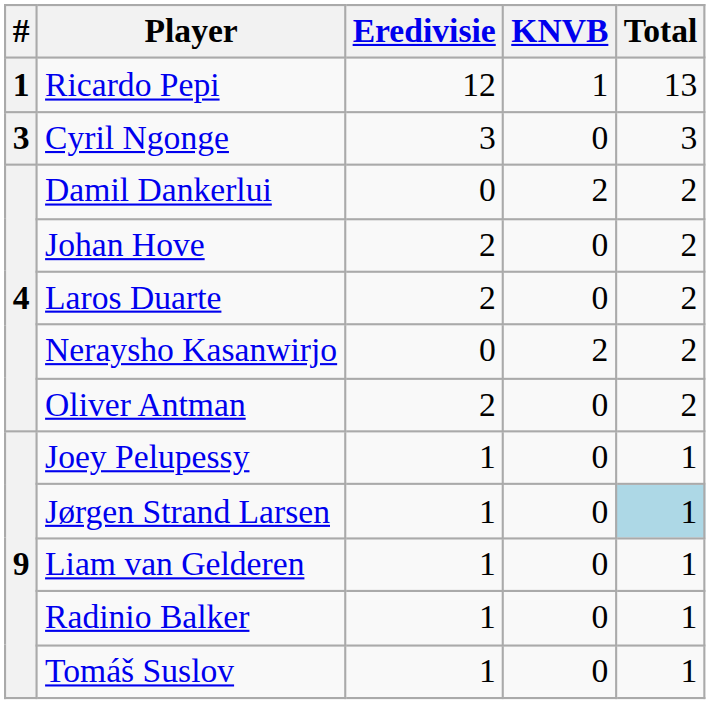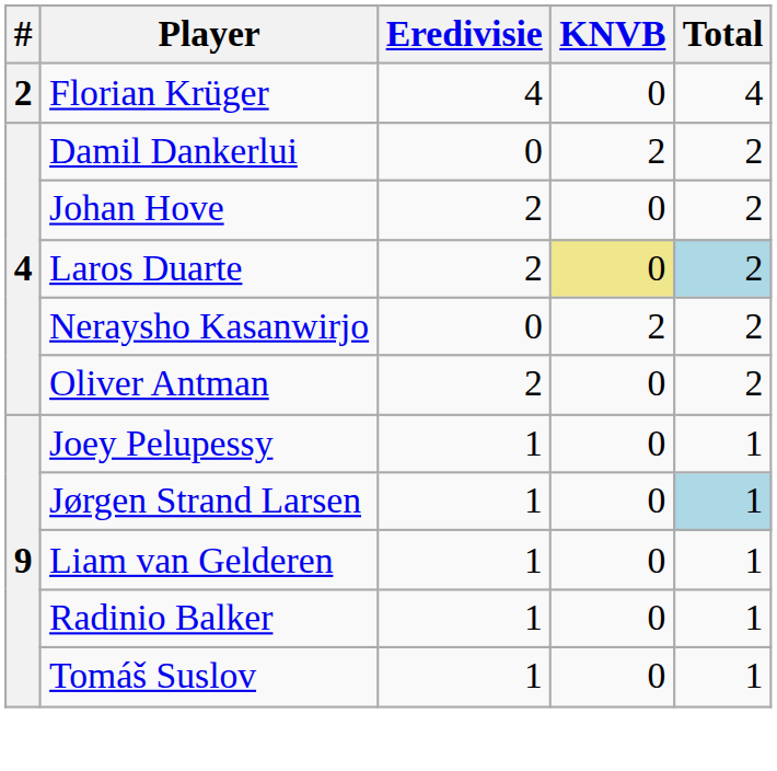 <table class="wikitable" style="text-align:right;">
 <tr>
 <th>#</th>
 <th>Player</th>
 <th><a href='#'>Eredivisie</a></th>
 <th><a href='#'>KNVB</a></th>
 <th>Total</th>
 </tr>
 <tr>
-<th align=center>1</th>
-<td align=left> <a href='#'>Ricardo Pepi</a></td>
-<td>12</td>
-<td>1</td>
-<td>13</td>
-</tr>
-<tr>
-<th align=center>3</th>
-<td align=left> <a href='#'>Cyril Ngonge</a></td>
-<td>3</td>
+<th align=center>2</th>
+<td align=left> <a href='#'>Florian Krüger</a></td>
+<td>4</td>
 <td>0</td>
-<td>3</td>
+<td>4</td>
 </tr>
 <tr>
 <th rowspan=5 align=center>4</th>
 <td align=left> <a href='#'>Damil Dankerlui</a></td>
 <td>0</td>
 <td>2</td>
 <td>2</td>
 </tr>
 <tr>
 <td align=left> <a href='#'>Johan Hove</a></td>
 <td>2</td>
 <td>0</td>
 <td>2</td>
 </tr>
 <tr>
 <td align=left> <a href='#'>Laros Duarte</a></td>
 <td>2</td>
-<td>0</td>
-<td>2</td>
+<td style="background: khaki;">0</td>
+<td style="background: lightblue;">2</td>
 </tr>
 <tr>
 <td align=left> <a href='#'>Neraysho Kasanwirjo</a></td>
 <td>0</td>
 <td>2</td>
 <td>2</td>
 </tr>
 <tr>
 <td align=left> <a href='#'>Oliver Antman</a></td>
 <td>2</td>
 <td>0</td>
 <td>2</td>
 </tr>
 <tr>
 <th rowspan=5 align=center>9</th>
 <td align=left> <a href='#'>Joey Pelupessy</a></td>
 <td>1</td>
 <td>0</td>
 <td>1</td>
 </tr>
 <tr>
 <td align=left> <a href='#'>Jørgen Strand Larsen</a></td>
 <td>1</td>
 <td>0</td>
 <td style="background: lightblue;">1</td>
 </tr>
 <tr>
 <td align=left> <a href='#'>Liam van Gelderen</a></td>
 <td>1</td>
 <td>0</td>
 <td>1</td>
 </tr>
 <tr>
 <td align=left> <a href='#'>Radinio Balker</a></td>
 <td>1</td>
 <td>0</td>
 <td>1</td>
 </tr>
 <tr>
 <td align=left> <a href='#'>Tomáš Suslov</a></td>
 <td>1</td>
 <td>0</td>
 <td>1</td>
 </tr>
 </table>
